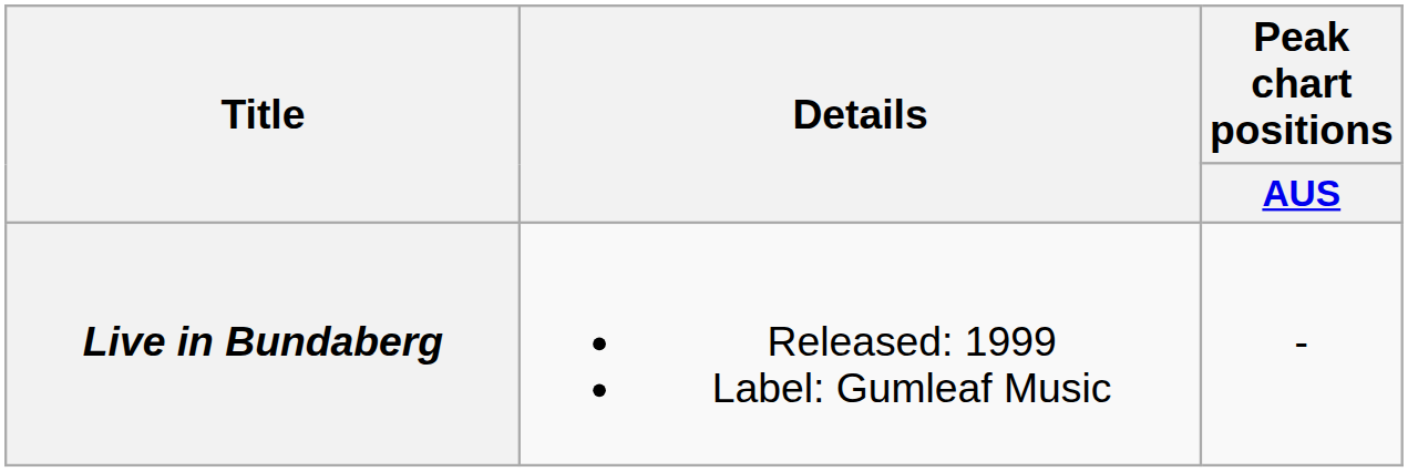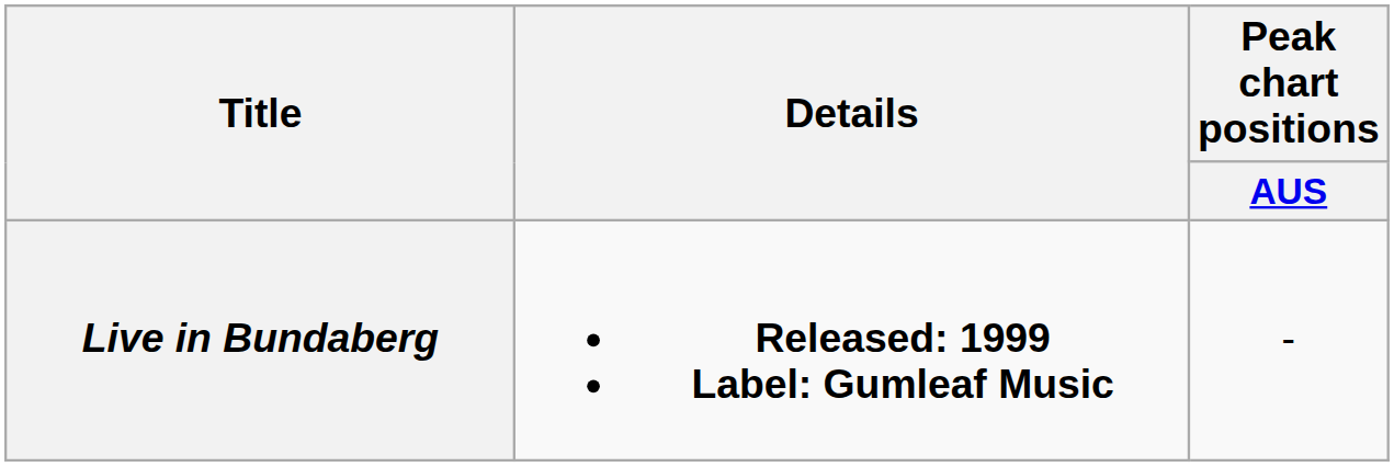 <table class="wikitable plainrowheaders" style="text-align:center;">
 <tr>
 <th scope="col" rowspan="2" style="width:12em;">Title</th>
 <th scope="col" rowspan="2" style="width:16em;">Details</th>
 <th scope="col">Peak chart positions</th>
 </tr>
 <tr>
 <th scope="col" style="width:3em;font-size:90%;"><a href='#'>AUS</a><br></th>
 </tr>
 <tr>
 <th scope="row"><em>Live in Bundaberg</em></th>
-<td><br><ul><li>Released: 1999</li><li>Label: Gumleaf Music</li></ul></td>
+<td><strong><br><ul><li>Released: 1999</li><li>Label: Gumleaf Music</li></ul></strong></td>
 <td>-</td>
 </tr>
 </table>
